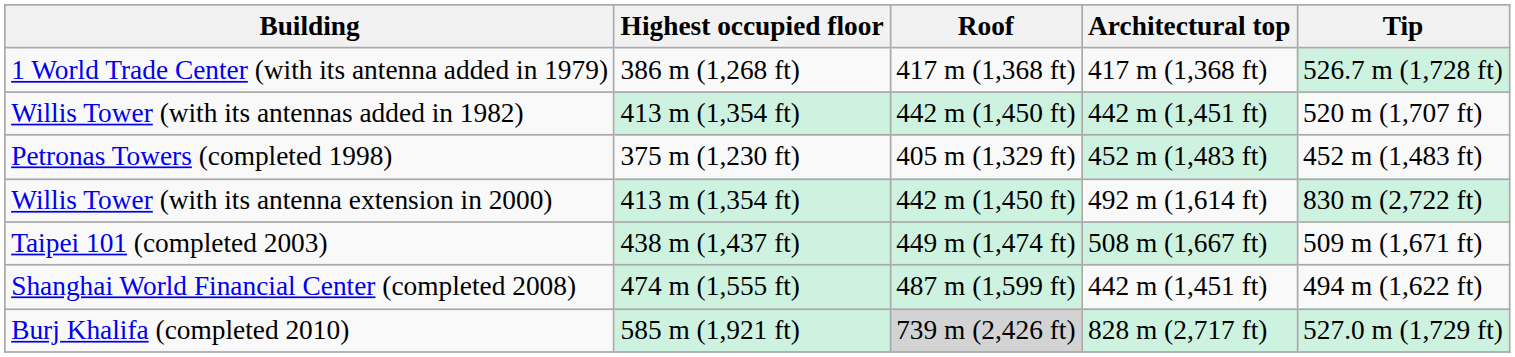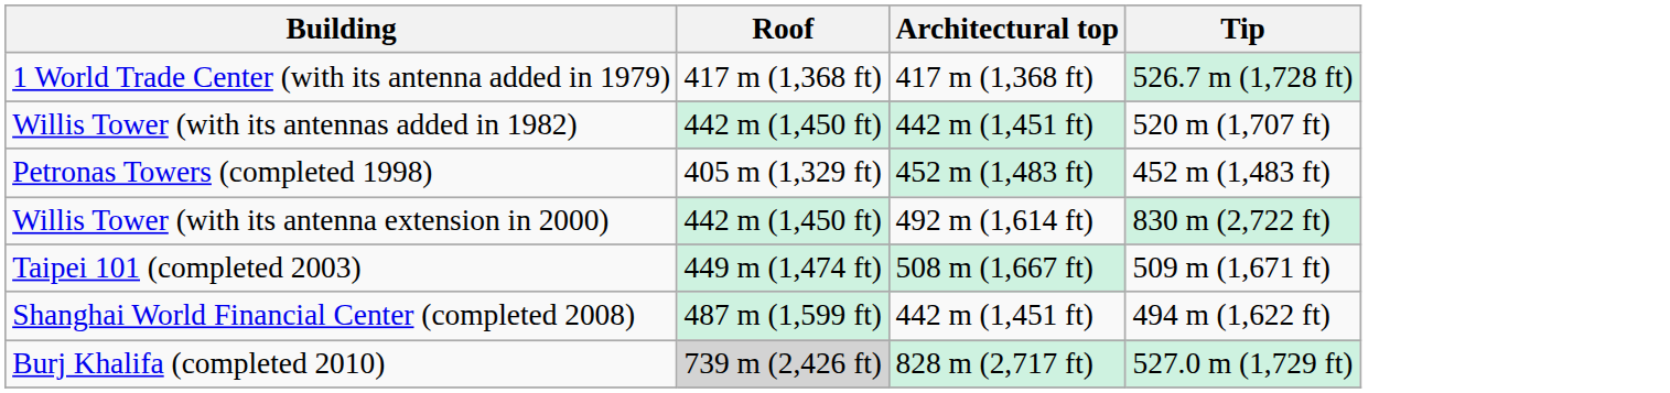 <table class="sortable wikitable">
 <tr>
 <th>Building</th>
-<th>Highest occupied floor</th>
 <th>Roof</th>
 <th>Architectural top</th>
 <th>Tip</th>
 </tr>
 <tr>
 <td><a href='#'>1 World Trade Center</a> (with its antenna added in 1979)</td>
-<td>386 m (1,268 ft)</td>
 <td>417 m (1,368 ft)</td>
 <td>417 m (1,368 ft)</td>
 <td style="background-color:#CEF2E0">526.7 m (1,728 ft)</td>
 </tr>
 <tr>
 <td><a href='#'>Willis Tower</a> (with its antennas added in 1982)</td>
-<td style="background-color:#CEF2E0">413 m (1,354 ft)</td>
 <td style="background-color:#CEF2E0">442 m (1,450 ft)</td>
 <td style="background-color:#CEF2E0">442 m (1,451 ft)</td>
 <td>520 m (1,707 ft)</td>
 </tr>
 <tr>
 <td><a href='#'>Petronas Towers</a> (completed 1998)</td>
-<td>375 m (1,230 ft)</td>
 <td>405 m (1,329 ft)</td>
 <td style="background-color:#CEF2E0">452 m (1,483 ft)</td>
 <td>452 m (1,483 ft)</td>
 </tr>
 <tr>
 <td><a href='#'>Willis Tower</a> (with its antenna extension in 2000)</td>
-<td style="background-color:#CEF2E0">413 m (1,354 ft)</td>
 <td style="background-color:#CEF2E0">442 m (1,450 ft)</td>
 <td>492 m (1,614 ft)</td>
 <td style="background-color:#CEF2E0">830 m (2,722 ft)</td>
 </tr>
 <tr>
 <td><a href='#'>Taipei 101</a> (completed 2003)</td>
-<td style="background-color:#CEF2E0">438 m (1,437 ft)</td>
 <td style="background-color:#CEF2E0">449 m (1,474 ft)</td>
 <td style="background-color:#CEF2E0">508 m (1,667 ft)</td>
 <td>509 m (1,671 ft)</td>
 </tr>
 <tr>
 <td><a href='#'>Shanghai World Financial Center</a> (completed 2008)</td>
-<td style="background-color:#CEF2E0">474 m (1,555 ft)</td>
 <td style="background-color:#CEF2E0">487 m (1,599 ft)</td>
 <td>442 m (1,451 ft)</td>
 <td>494 m (1,622 ft)</td>
 </tr>
 <tr>
 <td><a href='#'>Burj Khalifa</a> (completed 2010)</td>
-<td style="background-color:#CEF2E0">585 m (1,921 ft)</td>
 <td style="background-color:#D3D3D3">739 m (2,426 ft)</td>
 <td style="background-color:#CEF2E0">828 m (2,717 ft)</td>
 <td style="background-color:#CEF2E0">527.0 m (1,729 ft)</td>
 </tr>
 </table>
